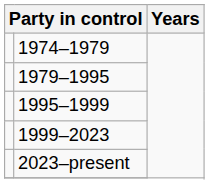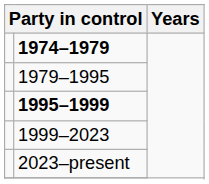 <table class="wikitable">
 <tr>
 <th colspan=2>Party in control</th>
 <th>Years</th>
 </tr>
 <tr>
 <td></td>
-<td>1974–1979</td>
+<td><strong>1974–1979</strong></td>
 </tr>
 <tr>
 <td></td>
 <td>1979–1995</td>
 </tr>
 <tr>
 <td></td>
-<td>1995–1999</td>
+<td><strong>1995–1999</strong></td>
 </tr>
 <tr>
 <td></td>
 <td>1999–2023</td>
 </tr>
 <tr>
 <td></td>
 <td>2023–present</td>
 </tr>
 <tr>
 </tr>
 </table>
